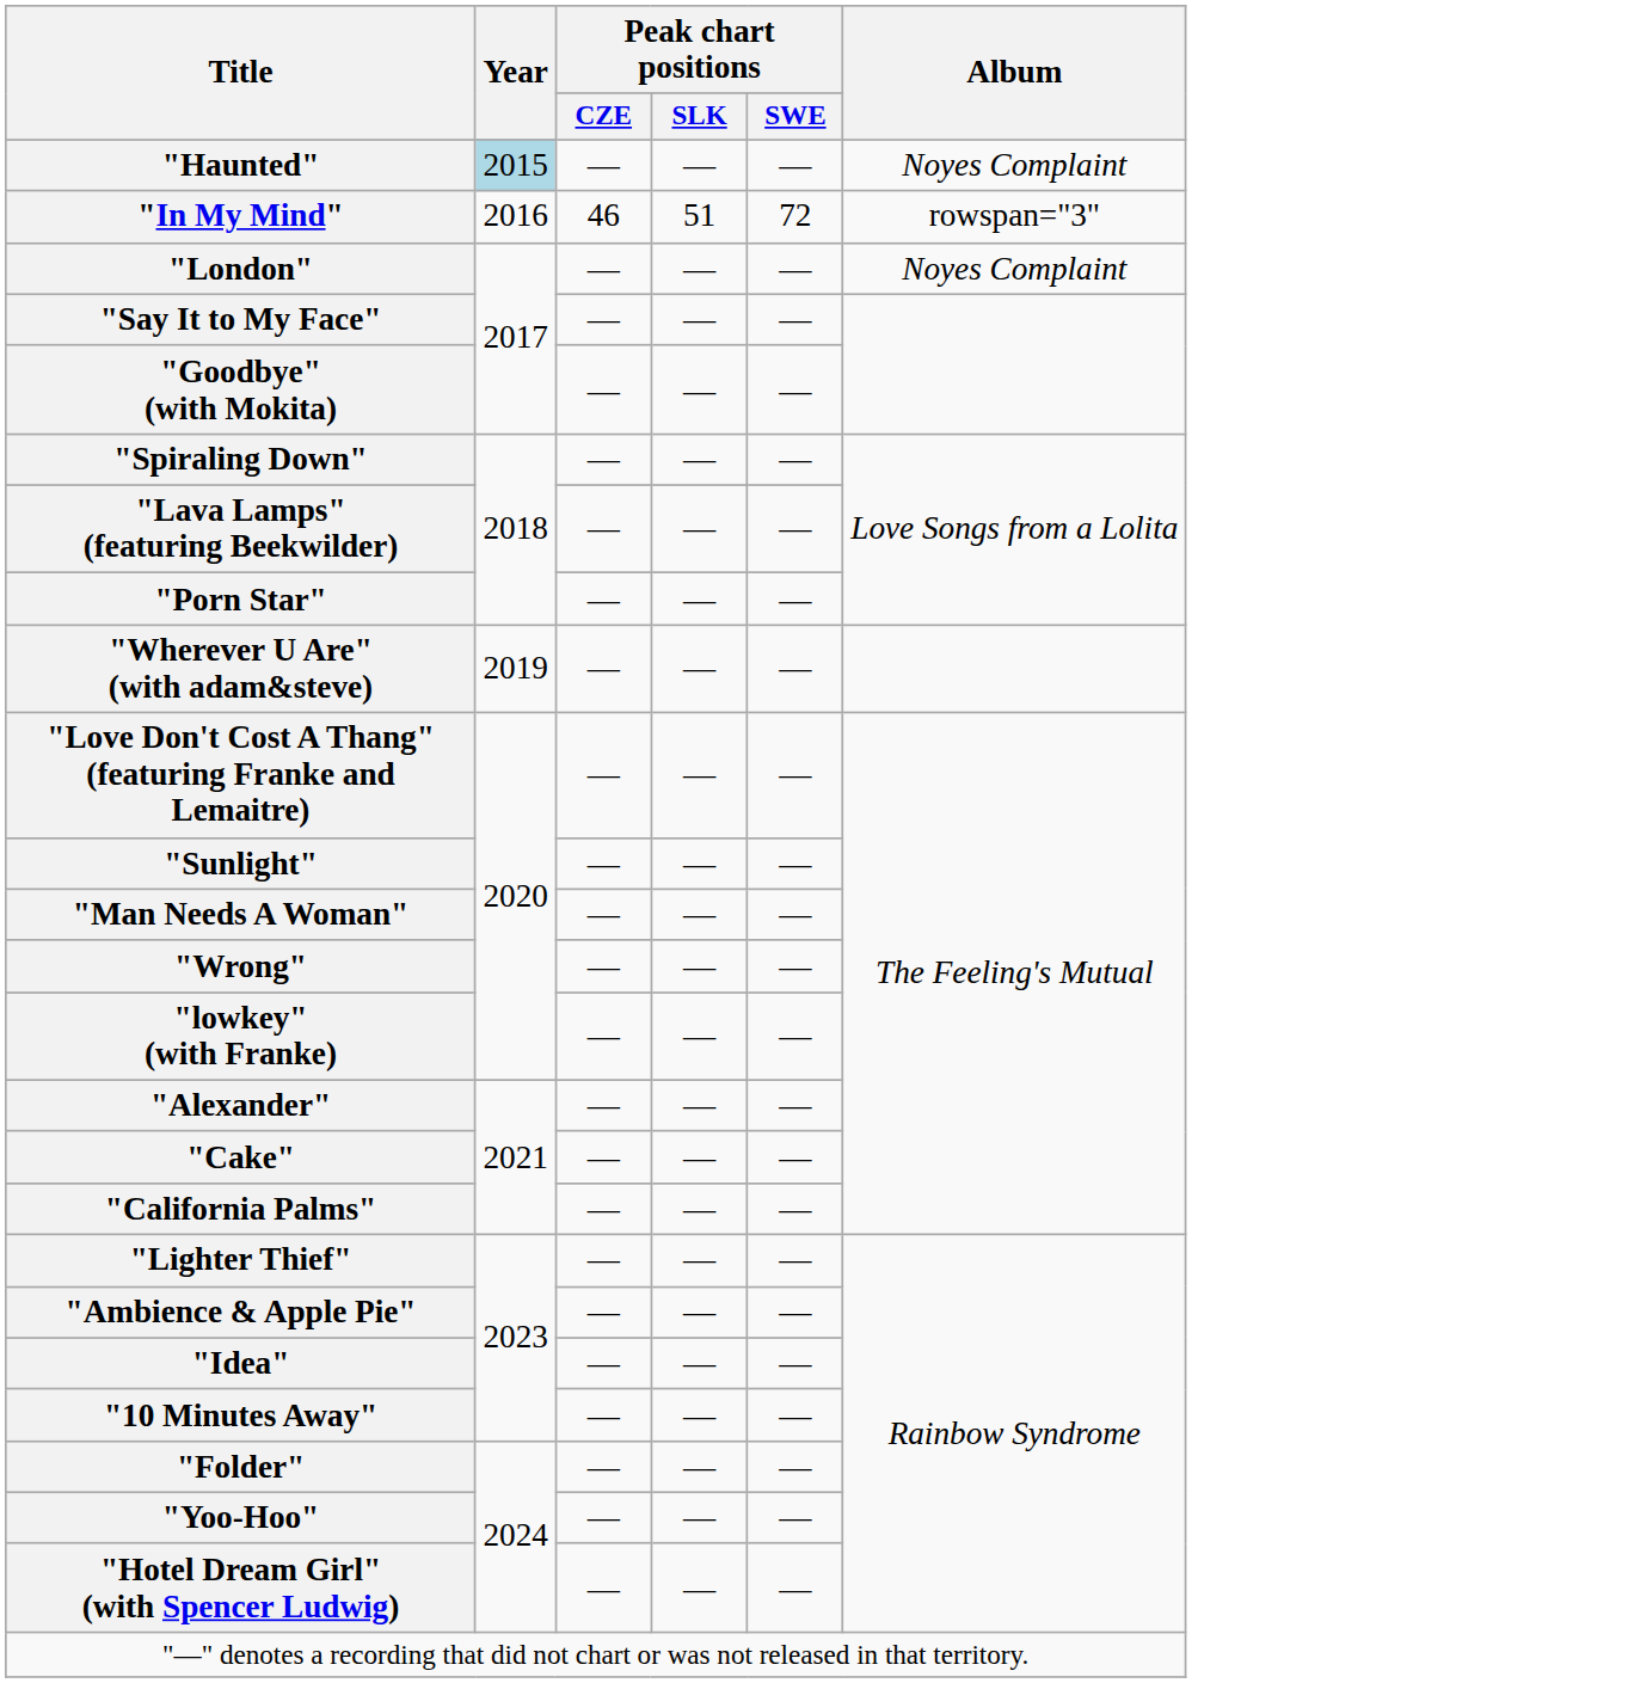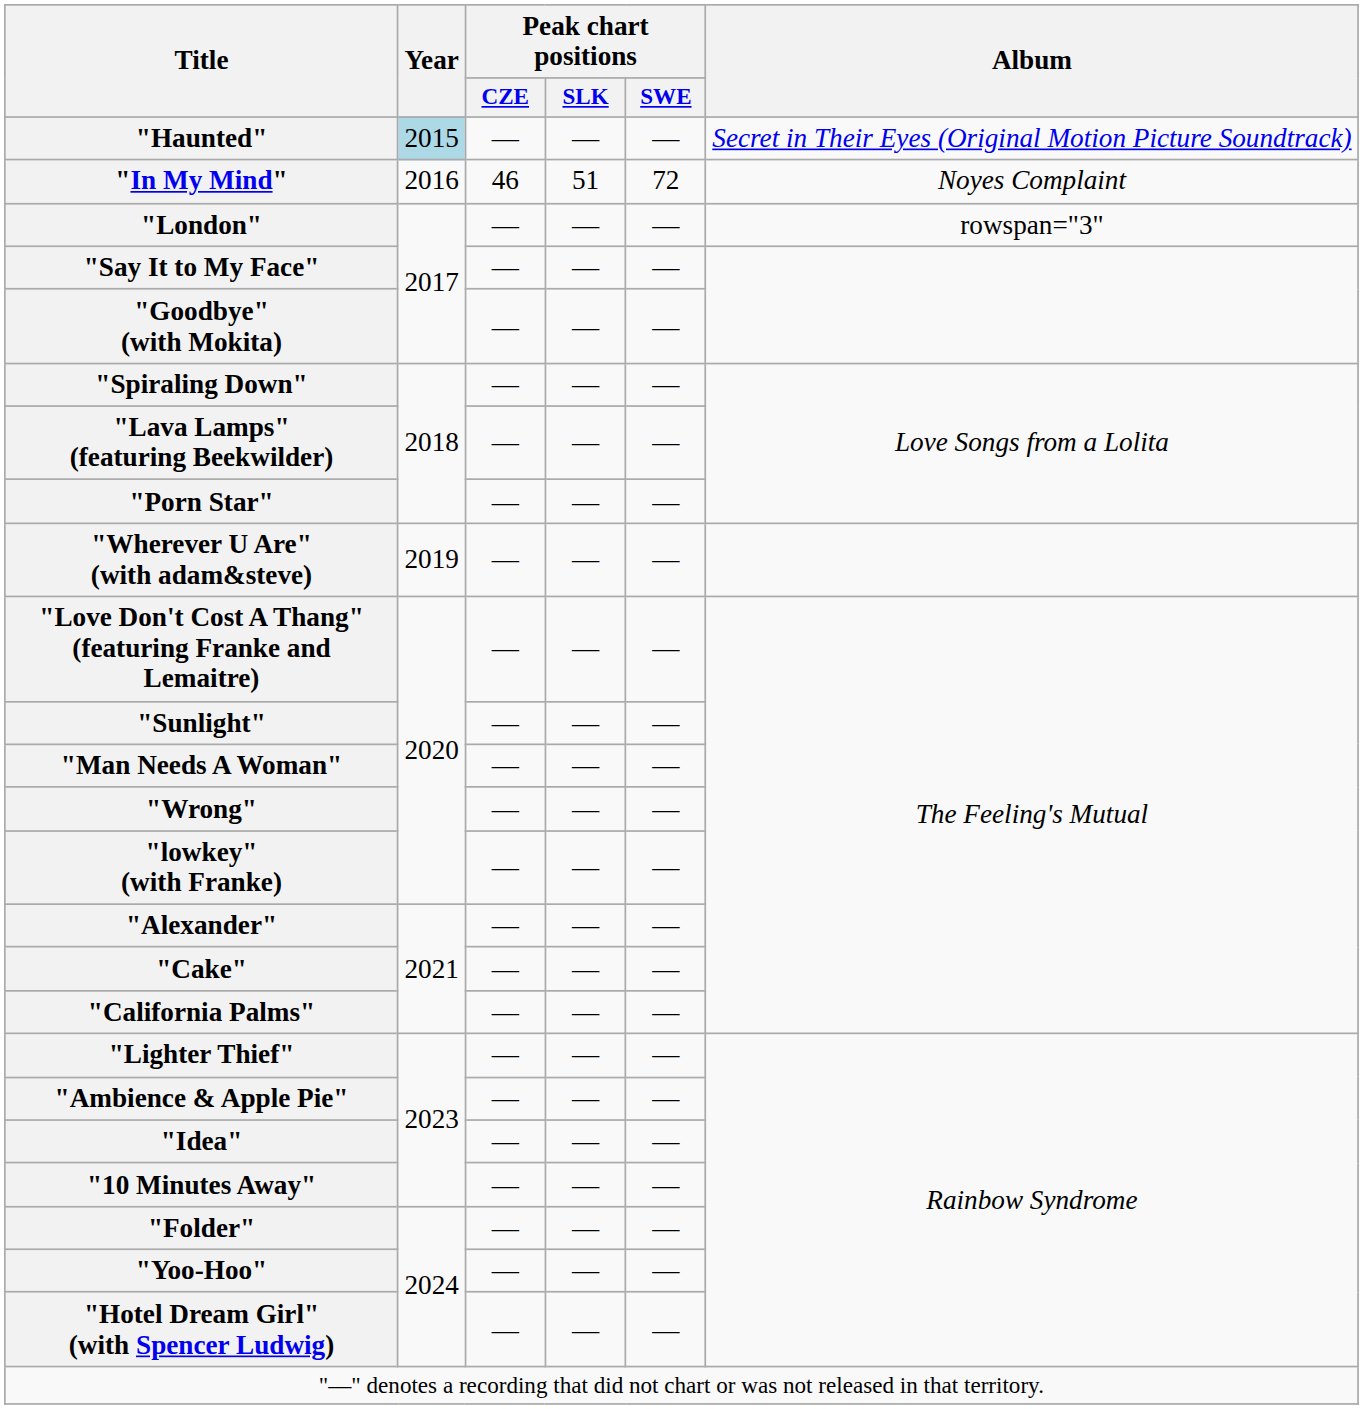 <table class="wikitable plainrowheaders" style="text-align:center;">
 <tr>
 <th scope="col" style="width:14em;" rowspan="2">Title</th>
 <th scope="col" style="width:1em;" rowspan="2">Year</th>
 <th scope="col" colspan="3">Peak chart positions</th>
 <th scope="col" rowspan="2">Album</th>
 </tr>
 <tr>
 <th scope="col" style="width:3em;font-size:85%;"><a href='#'>CZE</a><br></th>
 <th scope="col" style="width:3em;font-size:85%;"><a href='#'>SLK</a><br></th>
 <th scope="col" style="width:3em;font-size:85%;"><a href='#'>SWE</a><br></th>
 </tr>
 <tr>
 <th scope="row">"Haunted"</th>
 <td style="background: lightblue;">2015</td>
 <td>—</td>
 <td>—</td>
 <td>—</td>
-<td><em>Noyes Complaint</em></td>
+<td><a href='#'><em>Secret in Their Eyes (Original Motion Picture Soundtrack)</em></a></td>
 </tr>
 <tr>
 <th scope="row">"<a href='#'>In My Mind</a>"</th>
 <td>2016</td>
 <td>46</td>
 <td>51</td>
 <td>72<br></td>
-<td>rowspan="3" </td>
+<td><em>Noyes Complaint</em></td>
 </tr>
 <tr>
 <th scope="row">"London"</th>
 <td rowspan="3">2017</td>
 <td>—</td>
 <td>—</td>
 <td>—</td>
-<td><em>Noyes Complaint</em></td>
+<td>rowspan="3" </td>
 </tr>
 <tr>
 <th scope="row">"Say It to My Face"</th>
 <td>—</td>
 <td>—</td>
 <td>—</td>
 </tr>
 <tr>
 <th scope="row">"Goodbye" <br><span>(with Mokita)</span></th>
 <td>—</td>
 <td>—</td>
 <td>—</td>
 </tr>
 <tr>
 <th scope="row">"Spiraling Down"</th>
 <td rowspan="3">2018</td>
 <td>—</td>
 <td>—</td>
 <td>—</td>
 <td rowspan="3"><em>Love Songs from a Lolita</em></td>
 </tr>
 <tr>
 <th scope="row">"Lava Lamps"<br><span>(featuring Beekwilder)</span></th>
 <td>—</td>
 <td>—</td>
 <td>—</td>
 </tr>
 <tr>
 <th scope="row">"Porn Star"</th>
 <td>—</td>
 <td>—</td>
 <td>—</td>
 </tr>
 <tr>
 <th scope="row">"Wherever U Are" <br><span>(with adam&steve)</span></th>
 <td>2019</td>
 <td>—</td>
 <td>—</td>
 <td>—</td>
 <td></td>
 </tr>
 <tr>
 <th scope="row">"Love Don't Cost A Thang" <br><span>(featuring Franke and Lemaitre)</span></th>
 <td rowspan="5">2020</td>
 <td>—</td>
 <td>—</td>
 <td>—</td>
 <td rowspan="8"><em>The Feeling's Mutual</em></td>
 </tr>
 <tr>
 <th scope="row">"Sunlight"</th>
 <td>—</td>
 <td>—</td>
 <td>—</td>
 </tr>
 <tr>
 <th scope="row">"Man Needs A Woman"</th>
 <td>—</td>
 <td>—</td>
 <td>—</td>
 </tr>
 <tr>
 <th scope="row">"Wrong"</th>
 <td>—</td>
 <td>—</td>
 <td>—</td>
 </tr>
 <tr>
 <th scope="row">"lowkey" <br><span>(with Franke)</span></th>
 <td>—</td>
 <td>—</td>
 <td>—</td>
 </tr>
 <tr>
 <th scope="row">"Alexander"</th>
 <td rowspan="3">2021</td>
 <td>—</td>
 <td>—</td>
 <td>—</td>
 </tr>
 <tr>
 <th scope="row">"Cake"</th>
 <td>—</td>
 <td>—</td>
 <td>—</td>
 </tr>
 <tr>
 <th scope="row">"California Palms"</th>
 <td>—</td>
 <td>—</td>
 <td>—</td>
 </tr>
 <tr>
 <th scope="row">"Lighter Thief"</th>
 <td rowspan="4">2023</td>
 <td>—</td>
 <td>—</td>
 <td>—</td>
 <td rowspan="7"><em>Rainbow Syndrome</em></td>
 </tr>
 <tr>
 <th scope="row">"Ambience & Apple Pie"</th>
 <td>—</td>
 <td>—</td>
 <td>—</td>
 </tr>
 <tr>
 <th scope="row">"Idea"</th>
 <td>—</td>
 <td>—</td>
 <td>—</td>
 </tr>
 <tr>
 <th scope="row">"10 Minutes Away"</th>
 <td>—</td>
 <td>—</td>
 <td>—</td>
 </tr>
 <tr>
 <th scope="row">"Folder"</th>
 <td rowspan="3">2024</td>
 <td>—</td>
 <td>—</td>
 <td>—</td>
 </tr>
 <tr>
 <th scope="row">"Yoo-Hoo"</th>
 <td>—</td>
 <td>—</td>
 <td>—</td>
 </tr>
 <tr>
 <th scope="row">"Hotel Dream Girl"<br><span>(with <a href='#'>Spencer Ludwig</a>)</span></th>
 <td>—</td>
 <td>—</td>
 <td>—</td>
 </tr>
 <tr>
 <td style="font-size:85%" colspan="20">"—" denotes a recording that did not chart or was not released in that territory.</td>
 </tr>
 </table>
